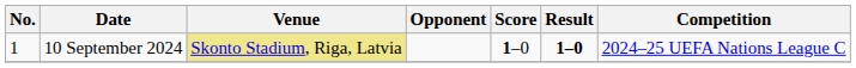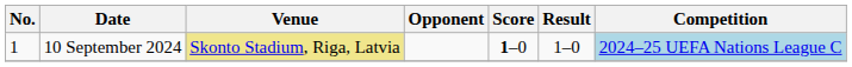 <table class="wikitable">
 <tr>
 <th>No.</th>
 <th>Date</th>
 <th>Venue</th>
 <th>Opponent</th>
 <th>Score</th>
 <th>Result</th>
 <th>Competition</th>
 </tr>
 <tr>
 <td>1</td>
 <td>10 September 2024</td>
 <td style="background: khaki;"><a href='#'>Skonto Stadium</a>, Riga, Latvia</td>
 <td></td>
 <td align=center><strong>1</strong>–0</td>
-<td align=center><strong>1–0</strong></td>
-<td><a href='#'>2024–25 UEFA Nations League C</a></td>
+<td align=center>1–0</td>
+<td style="background: lightblue;"><a href='#'>2024–25 UEFA Nations League C</a></td>
 </tr>
 <tr>
 </tr>
 </table>
